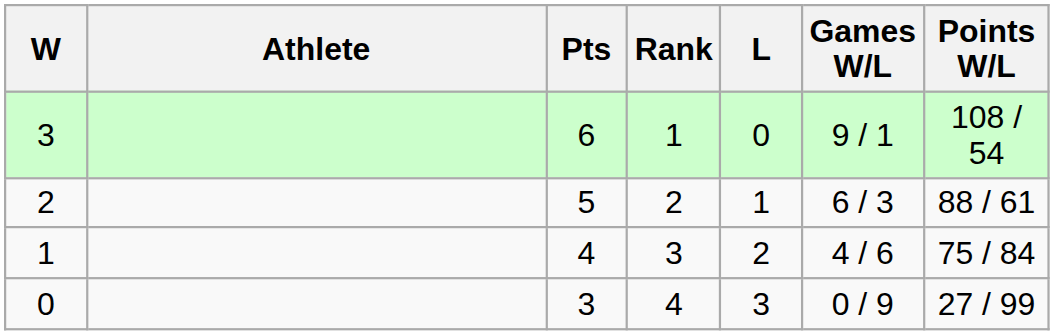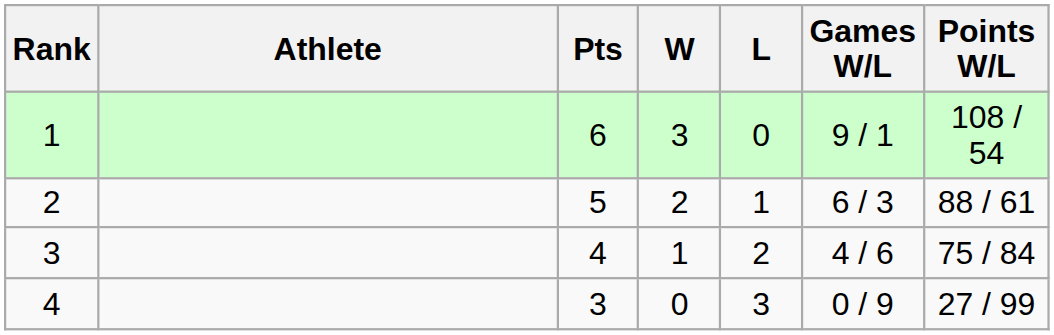 <table class="wikitable" style="text-align: center; font-size:90% ">
 <tr>
-<th width="30">W</th>
+<th width="20">Rank</th>
 <th width="200">Athlete</th>
 <th width="30">Pts</th>
-<th width="20">Rank</th>
+<th width="30">W</th>
 <th width="30">L</th>
 <th width="40">Games<br>W/L</th>
 <th width="50">Points<br>W/L</th>
 </tr>
 <tr bgcolor=#ccffcc>
-<td>3</td>
+<td>1</td>
 <td align=left></td>
 <td>6</td>
-<td>1</td>
+<td>3</td>
 <td>0</td>
 <td>9 / 1</td>
 <td>108 / 54</td>
 </tr>
 <tr>
 <td>2</td>
 <td align=left></td>
 <td>5</td>
 <td>2</td>
 <td>1</td>
 <td>6 / 3</td>
 <td>88 / 61</td>
 </tr>
 <tr>
-<td>1</td>
+<td>3</td>
 <td align=left></td>
 <td>4</td>
-<td>3</td>
+<td>1</td>
 <td>2</td>
 <td>4 / 6</td>
 <td>75 / 84</td>
 </tr>
 <tr>
-<td>0</td>
+<td>4</td>
 <td align=left></td>
 <td>3</td>
-<td>4</td>
+<td>0</td>
 <td>3</td>
 <td>0 / 9</td>
 <td>27 / 99</td>
 </tr>
 </table>
